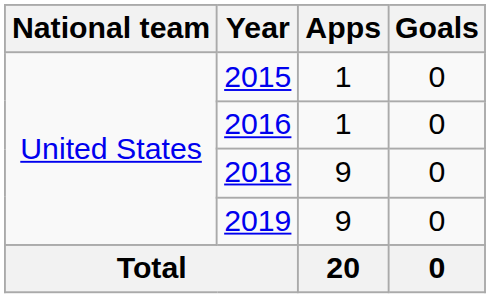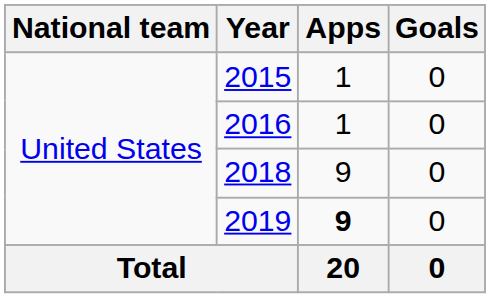 <table class="wikitable" style="text-align:center">
 <tr>
 <th>National team</th>
 <th>Year</th>
 <th>Apps</th>
 <th>Goals</th>
 </tr>
 <tr>
 <td rowspan="4"><a href='#'>United States</a></td>
 <td><a href='#'>2015</a></td>
 <td>1</td>
 <td>0</td>
 </tr>
 <tr>
 <td><a href='#'>2016</a></td>
 <td>1</td>
 <td>0</td>
 </tr>
 <tr>
 <td><a href='#'>2018</a></td>
 <td>9</td>
 <td>0</td>
 </tr>
 <tr>
 <td><a href='#'>2019</a></td>
-<td>9</td>
+<td><strong>9</strong></td>
 <td>0</td>
 </tr>
 <tr>
 <th colspan="2">Total</th>
 <th>20</th>
 <th>0</th>
 </tr>
 </table>
